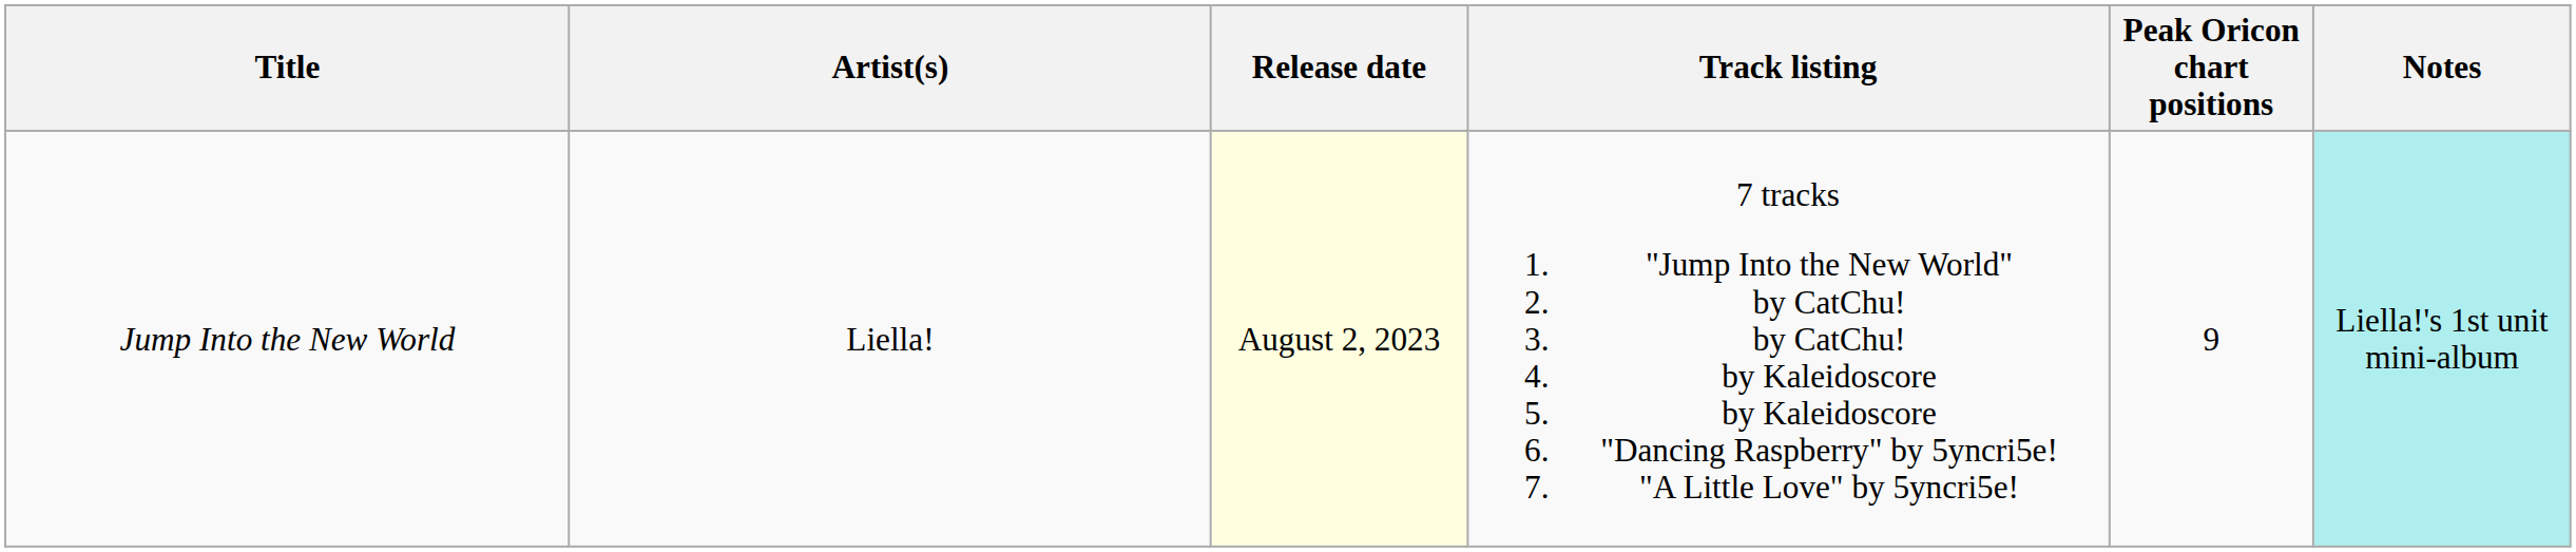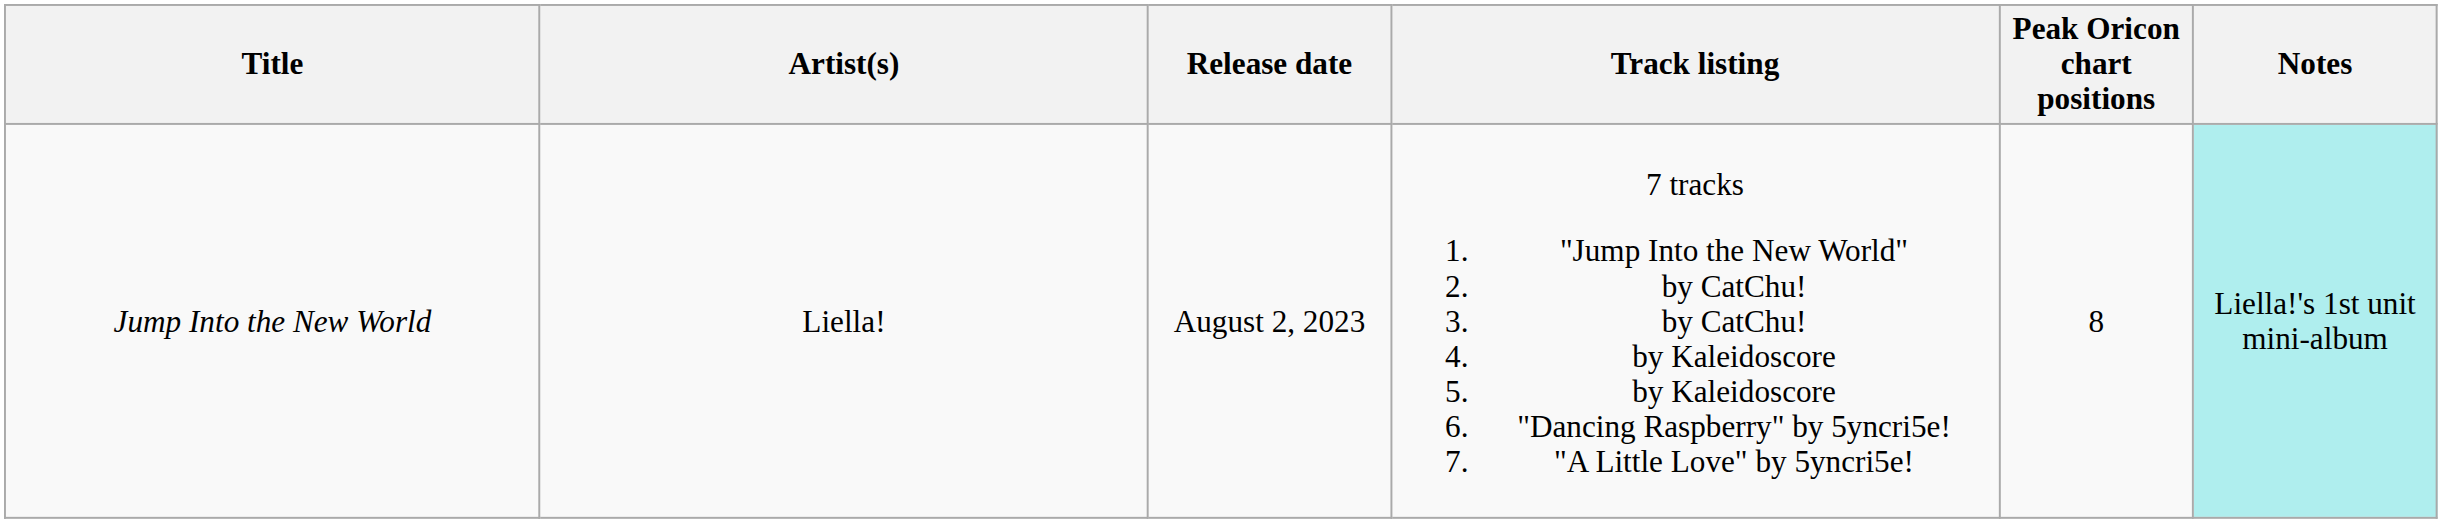 <table class="wikitable" style="text-align:center;">
 <tr>
 <th scope="col" rowspan="1">Title</th>
 <th scope="col" rowspan="1" width="25%">Artist(s)</th>
 <th scope="col" colspan="1" width="10%">Release date</th>
 <th scope="col" colspan="1" width="25%">Track listing</th>
 <th scope="col" rowspan="1" width="8%">Peak Oricon<br>chart positions<br></th>
 <th scope="col" rowspan="1" width="10%">Notes</th>
 </tr>
 <tr>
 <td><em>Jump Into the New World</em></td>
 <td>Liella!</td>
-<td style="background: lightyellow;">August 2, 2023</td>
+<td>August 2, 2023</td>
 <td style="width:17em"><br>7 tracks<ol><li>"Jump Into the New World"</li><li> by CatChu!</li><li> by CatChu!</li><li> by Kaleidoscore</li><li> by Kaleidoscore</li><li>"Dancing Raspberry" by 5yncri5e!</li><li>"A Little Love" by 5yncri5e!</li></ol></td>
-<td>9</td>
+<td>8</td>
 <td style="background: paleturquoise;">Liella!'s 1st unit mini-album</td>
 </tr>
 </table>
